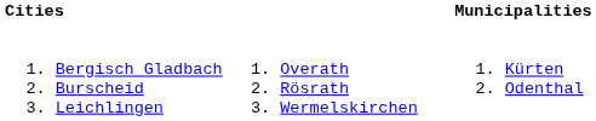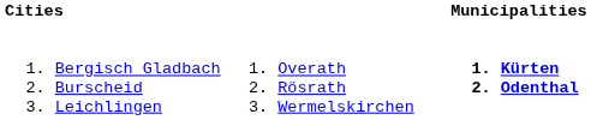 <table>
 <tr>
 <th colspan=2 align=left>Cities</th>
 <th align=left>Municipalities</th>
 </tr>
 <tr valign=top>
 <td width=33%><br><ol><li><a href='#'>Bergisch Gladbach</a></li><li><a href='#'>Burscheid</a></li><li><a href='#'>Leichlingen</a></li></ol></td>
 <td width=33%><br><ol> <li> <a href='#'>Overath</a> <li> <a href='#'>Rösrath</a> <li> <a href='#'>Wermelskirchen</a> </ol></td>
-<td width=33%><br><ol><li><a href='#'>Kürten</a></li><li><a href='#'>Odenthal</a></li></ol></td>
+<td width=33%><strong><br><ol><li><a href='#'>Kürten</a></li><li><a href='#'>Odenthal</a></li></ol></strong></td>
 </tr>
 </table>
